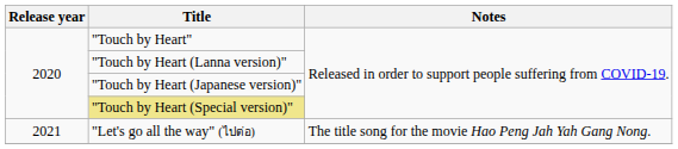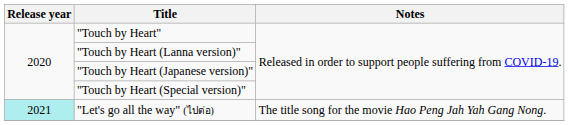 <table class="wikitable">
 <tr>
 <th>Release year</th>
 <th>Title</th>
 <th>Notes</th>
 </tr>
 <tr>
 <td style="text-align:center" rowspan="4">2020</td>
 <td>"Touch by Heart"</td>
 <td rowspan="4">Released in order to support people suffering from <a href='#'>COVID-19</a>.</td>
 </tr>
 <tr>
 <td>"Touch by Heart (Lanna version)"</td>
 </tr>
 <tr>
 <td>"Touch by Heart (Japanese version)"</td>
 </tr>
 <tr>
-<td style="background: khaki;">"Touch by Heart (Special version)"</td>
+<td>"Touch by Heart (Special version)"</td>
 </tr>
 <tr>
-<td style="text-align:center">2021</td>
+<td style="background: paleturquoise; text-align:center">2021</td>
 <td>"Let's go all the way" <small>(ไปต่อ)</small></td>
 <td>The title song for the movie <em>Hao Peng Jah Yah Gang Nong</em>.</td>
 </tr>
 <tr>
 </tr>
 </table>
